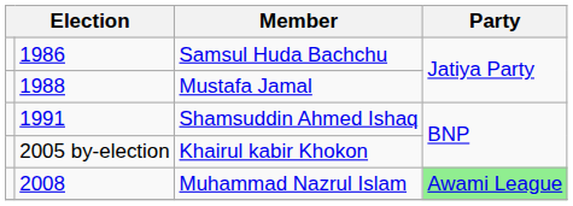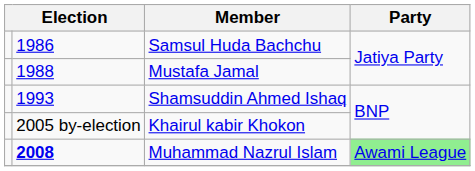 <table class="wikitable">
 <tr>
 <th colspan="2">Election</th>
 <th>Member</th>
 <th>Party</th>
 </tr>
 <tr>
 <td style="background-color:"></td>
 <td><a href='#'>1986</a></td>
 <td><a href='#'>Samsul Huda Bachchu</a></td>
 <td rowspan="2"><a href='#'>Jatiya Party</a></td>
 </tr>
 <tr>
 <td style="background-color:"></td>
 <td><a href='#'>1988</a></td>
 <td><a href='#'>Mustafa Jamal</a></td>
 </tr>
 <tr>
 <td style="background-color:"></td>
-<td><a href='#'>1991</a></td>
+<td><a href='#'>1993</a></td>
 <td><a href='#'>Shamsuddin Ahmed Ishaq</a></td>
 <td rowspan="2"><a href='#'>BNP</a></td>
 </tr>
 <tr>
 <td style="background-color:"></td>
 <td>2005 by-election</td>
 <td><a href='#'>Khairul kabir Khokon</a></td>
 </tr>
 <tr>
 <td style="background-color:"></td>
-<td><a href='#'>2008</a></td>
+<td><strong><a href='#'>2008</a></strong></td>
 <td><a href='#'>Muhammad Nazrul Islam</a></td>
 <td style="background: lightgreen;"><a href='#'>Awami League</a></td>
 </tr>
 <tr>
 </tr>
 </table>
